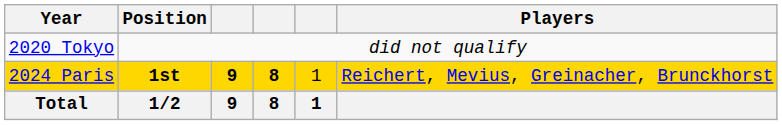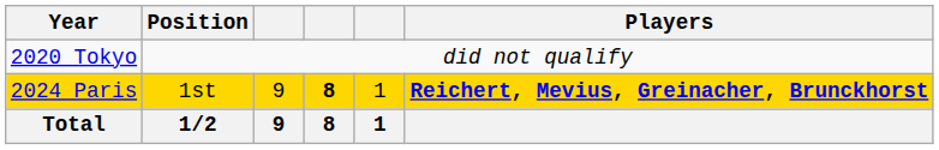 <table class="wikitable" style="text-align: center;">
 <tr>
 <th>Year</th>
 <th>Position</th>
 <th width=25px></th>
 <th width=25px></th>
 <th width=25px></th>
 <th>Players</th>
 </tr>
 <tr>
 <td style="text-align: left;"> <a href='#'>2020 Tokyo</a></td>
 <td colspan=5><em>did not qualify</em></td>
 </tr>
 <tr bgcolor=gold>
 <td style="text-align: left;"> <a href='#'>2024 Paris</a></td>
-<td><strong>1st</strong></td>
-<td><strong>9</strong></td>
+<td>1st</td>
+<td>9</td>
 <td><strong>8</strong></td>
 <td>1</td>
-<td><a href='#'>Reichert</a>, <a href='#'>Mevius</a>, <a href='#'>Greinacher</a>, <a href='#'>Brunckhorst</a></td>
+<td><strong><a href='#'>Reichert</a>, <a href='#'>Mevius</a>, <a href='#'>Greinacher</a>, <a href='#'>Brunckhorst</a></strong></td>
 </tr>
 <tr>
 <th>Total</th>
 <th>1/2</th>
 <th>9</th>
 <th>8</th>
 <th>1</th>
 <th></th>
 </tr>
 </table>
